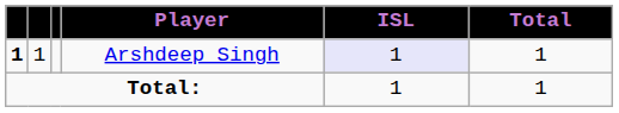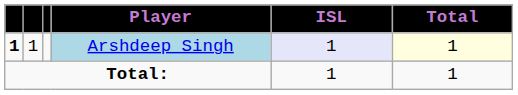 <table class="wikitable" style="font-size: 95%; text-align: center;">
 <tr>
 <th rowspan="1" style="background:#000000; color:#C47CD2; !width=15"></th>
 <th rowspan="1" style="background:#000000; color:#C47CD2; !width=15"></th>
 <th rowspan="1" style="background:#000000; color:#C47CD2; !width=15"></th>
 <th width=150 style="background:#000000; color:#C47CD2;">Player</th>
 <th width=80 style="background:#000000; color:#C47CD2;">ISL</th>
 <th width=80 style="background:#000000; color:#C47CD2;">Total</th>
 </tr>
 <tr>
 <td rowspan=1><strong>1</strong></td>
 <td>1</td>
 <td></td>
-<td><a href='#'>Arshdeep Singh</a></td>
+<td style="background: lightblue;"><a href='#'>Arshdeep Singh</a></td>
 <td style="background: lavender;">1</td>
-<td>1</td>
+<td style="background: lightyellow;">1</td>
 </tr>
 <tr>
 <td colspan="4"><strong>Total:</strong></td>
 <td>1</td>
 <td>1</td>
 </tr>
 </table>
